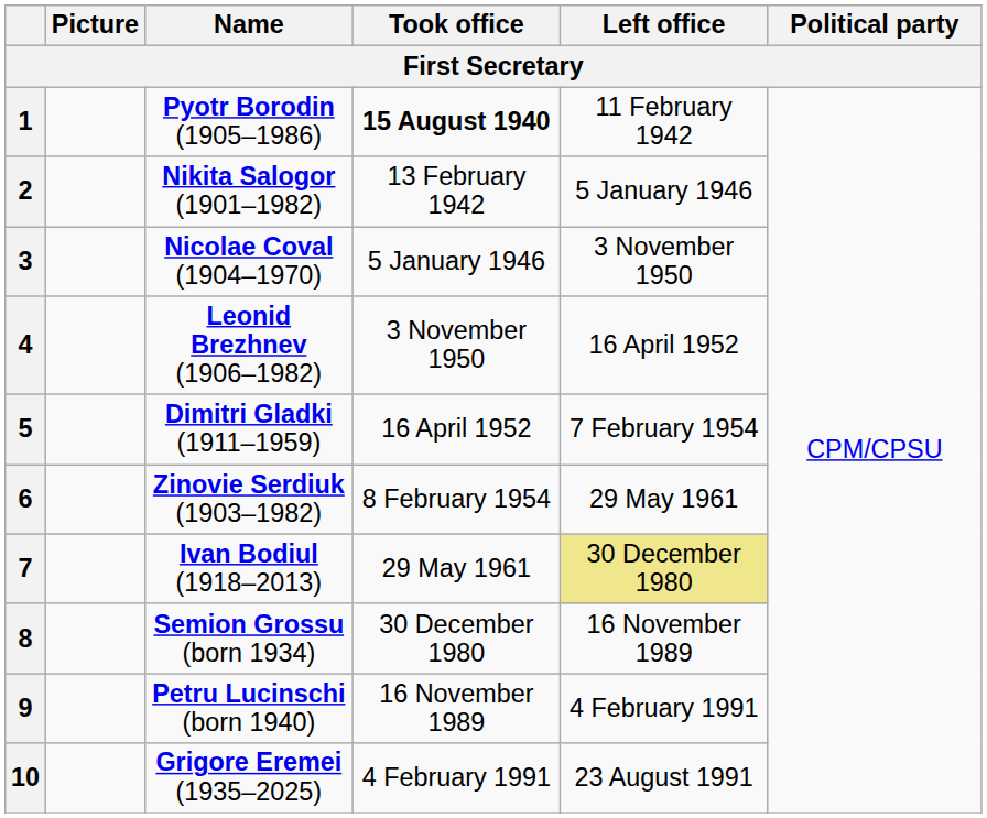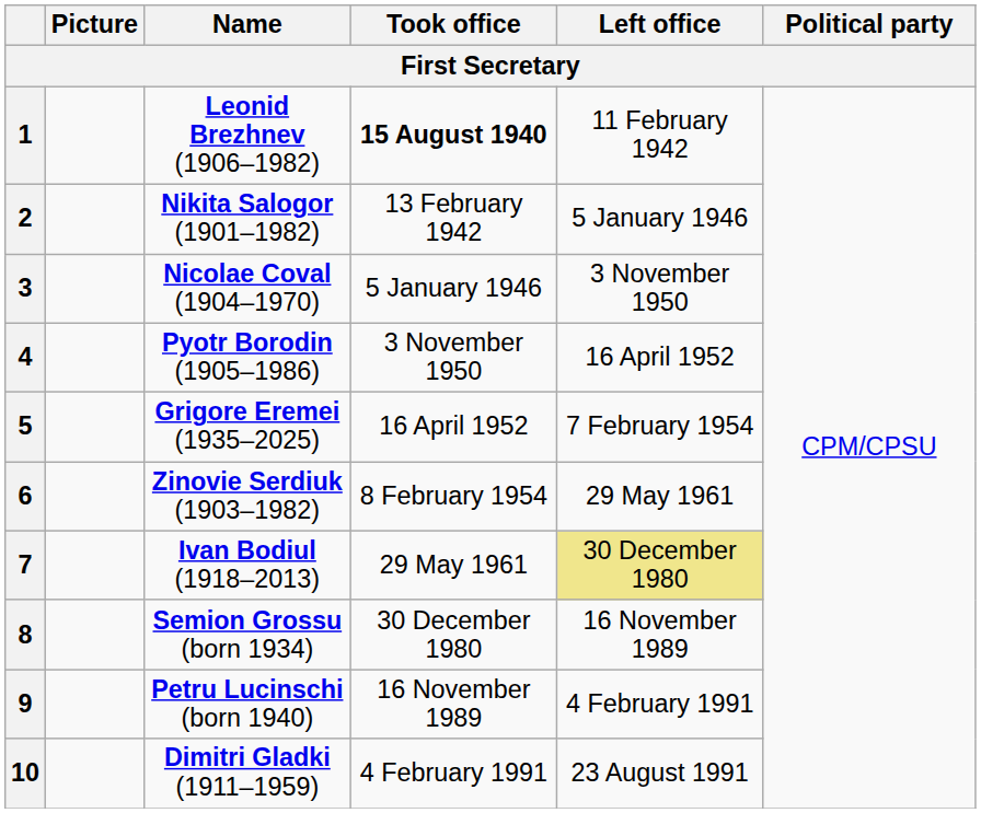 <table class="wikitable" style="text-align:center">
 <tr>
 <th></th>
 <th>Picture</th>
 <th width="150">Name<br></th>
 <th width="150">Took office</th>
 <th width="150">Left office</th>
 <th width="150">Political party</th>
 </tr>
 <tr>
 <th colspan="6" align="center">First Secretary</th>
 </tr>
 <tr>
 <th style="background:">1</th>
 <td></td>
-<td><strong><a href='#'>Pyotr Borodin</a></strong><br>(1905–1986)</td>
+<td><strong><a href='#'>Leonid Brezhnev</a></strong><br>(1906–1982)</td>
 <td><strong>15 August 1940</strong></td>
 <td>11 February 1942</td>
 <td rowspan="10"><a href='#'>CPM/CPSU</a></td>
 </tr>
 <tr>
 <th style="background:">2</th>
 <td></td>
 <td><strong><a href='#'>Nikita Salogor</a></strong><br>(1901–1982)</td>
 <td>13 February 1942</td>
 <td>5 January 1946</td>
 </tr>
 <tr>
 <th style="background:">3</th>
 <td></td>
 <td><strong><a href='#'>Nicolae Coval</a></strong><br>(1904–1970)</td>
 <td>5 January 1946</td>
 <td>3 November 1950</td>
 </tr>
 <tr>
 <th style="background:">4</th>
 <td></td>
-<td><strong><a href='#'>Leonid Brezhnev</a></strong><br>(1906–1982)</td>
+<td><strong><a href='#'>Pyotr Borodin</a></strong><br>(1905–1986)</td>
 <td>3 November 1950</td>
 <td>16 April 1952</td>
 </tr>
 <tr>
 <th style="background:">5</th>
 <td></td>
-<td><strong><a href='#'>Dimitri Gladki</a></strong><br>(1911–1959)</td>
+<td><strong><a href='#'>Grigore Eremei</a></strong><br>(1935–2025)</td>
 <td>16 April 1952</td>
 <td>7 February 1954</td>
 </tr>
 <tr>
 <th style="background:">6</th>
 <td></td>
 <td><strong><a href='#'>Zinovie Serdiuk</a></strong><br>(1903–1982)</td>
 <td>8 February 1954</td>
 <td>29 May 1961</td>
 </tr>
 <tr>
 <th style="background:">7</th>
 <td></td>
 <td><strong><a href='#'>Ivan Bodiul</a></strong><br>(1918–2013)</td>
 <td>29 May 1961</td>
 <td style="background: khaki;">30 December 1980</td>
 </tr>
 <tr>
 <th style="background:">8</th>
 <td></td>
 <td><strong><a href='#'>Semion Grossu</a></strong><br>(born 1934)</td>
 <td>30 December 1980</td>
 <td>16 November 1989</td>
 </tr>
 <tr>
 <th style="background:">9</th>
 <td></td>
 <td><strong><a href='#'>Petru Lucinschi</a></strong><br>(born 1940)</td>
 <td>16 November 1989</td>
 <td>4 February 1991</td>
 </tr>
 <tr>
 <th style="background:">10</th>
 <td></td>
-<td><strong><a href='#'>Grigore Eremei</a></strong><br>(1935–2025)</td>
+<td><strong><a href='#'>Dimitri Gladki</a></strong><br>(1911–1959)</td>
 <td>4 February 1991</td>
 <td>23 August 1991</td>
 </tr>
 </table>
